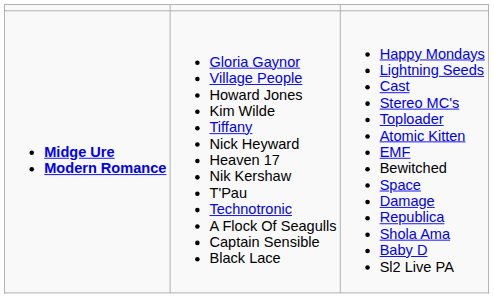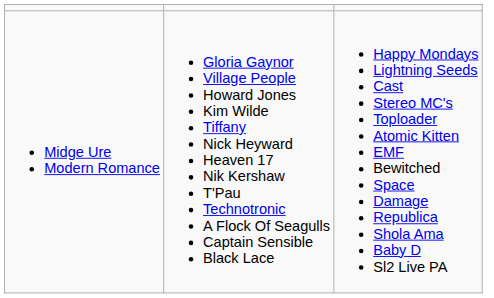 <table class="wikitable">
 <tr>
 <td></td>
 <td></td>
 <td></td>
 </tr>
 <tr>
-<td><strong><br><ul><li><a href='#'>Midge Ure</a></li><li><a href='#'>Modern Romance</a></li></ul></strong></td>
+<td><br><ul><li><a href='#'>Midge Ure</a></li><li><a href='#'>Modern Romance</a></li></ul></td>
 <td><br><ul><li><a href='#'>Gloria Gaynor</a></li><li><a href='#'>Village People</a></li><li>Howard Jones</li><li>Kim Wilde</li><li><a href='#'>Tiffany</a></li><li>Nick Heyward</li><li>Heaven 17</li><li>Nik Kershaw</li><li>T'Pau</li><li><a href='#'>Technotronic</a></li><li>A Flock Of Seagulls</li><li>Captain Sensible</li><li>Black Lace</li></ul></td>
 <td><br><ul><li><a href='#'>Happy Mondays</a></li><li><a href='#'>Lightning Seeds</a></li><li><a href='#'>Cast</a></li><li><a href='#'>Stereo MC's</a></li><li><a href='#'>Toploader</a></li><li><a href='#'>Atomic Kitten</a></li><li><a href='#'>EMF</a></li><li>Bewitched</li><li><a href='#'>Space</a></li><li><a href='#'>Damage</a></li><li><a href='#'>Republica</a></li><li><a href='#'>Shola Ama</a></li><li><a href='#'>Baby D</a></li><li>Sl2 Live PA</li></ul></td>
 </tr>
 </table>
